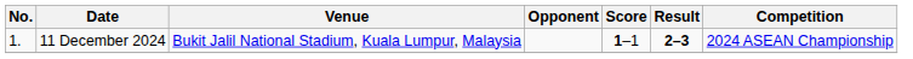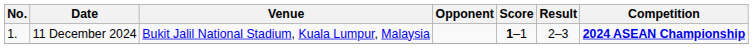 <table class="wikitable">
 <tr>
 <th>No.</th>
 <th>Date</th>
 <th>Venue</th>
 <th>Opponent</th>
 <th>Score</th>
 <th>Result</th>
 <th>Competition</th>
 </tr>
 <tr>
 <td>1.</td>
 <td>11 December 2024</td>
 <td><a href='#'>Bukit Jalil National Stadium</a>, <a href='#'>Kuala Lumpur</a>, <a href='#'>Malaysia</a></td>
 <td></td>
 <td align=center><strong>1</strong>–1</td>
-<td align=center><strong>2–3</strong></td>
-<td><a href='#'>2024 ASEAN Championship</a></td>
+<td align=center>2–3</td>
+<td><strong><a href='#'>2024 ASEAN Championship</a></strong></td>
 </tr>
 <tr>
 </tr>
 </table>
